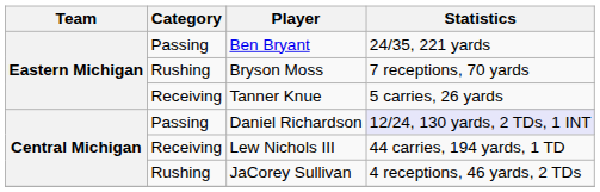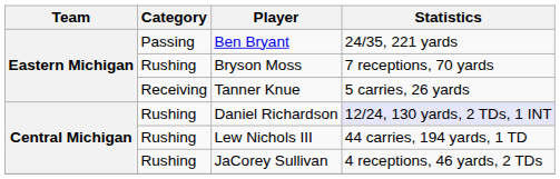 <table class="wikitable" style="float: left;">
 <tr>
 <th>Team</th>
 <th>Category</th>
 <th>Player</th>
 <th>Statistics</th>
 </tr>
 <tr>
 <th rowspan=3>Eastern Michigan</th>
 <td>Passing</td>
 <td><a href='#'>Ben Bryant</a></td>
 <td>24/35, 221 yards</td>
 </tr>
 <tr>
 <td>Rushing</td>
 <td>Bryson Moss</td>
 <td>7 receptions, 70 yards</td>
 </tr>
 <tr>
 <td>Receiving</td>
 <td>Tanner Knue</td>
 <td>5 carries, 26 yards</td>
 </tr>
 <tr>
 <th rowspan=3 style=>Central Michigan</th>
-<td>Passing</td>
+<td>Rushing</td>
 <td>Daniel Richardson</td>
 <td style="background: lavender;">12/24, 130 yards, 2 TDs, 1 INT</td>
 </tr>
 <tr>
-<td>Receiving</td>
+<td>Rushing</td>
 <td>Lew Nichols III</td>
 <td>44 carries, 194 yards, 1 TD</td>
 </tr>
 <tr>
 <td>Rushing</td>
 <td>JaCorey Sullivan</td>
 <td>4 receptions, 46 yards, 2 TDs</td>
 </tr>
 <tr>
 </tr>
 </table>
